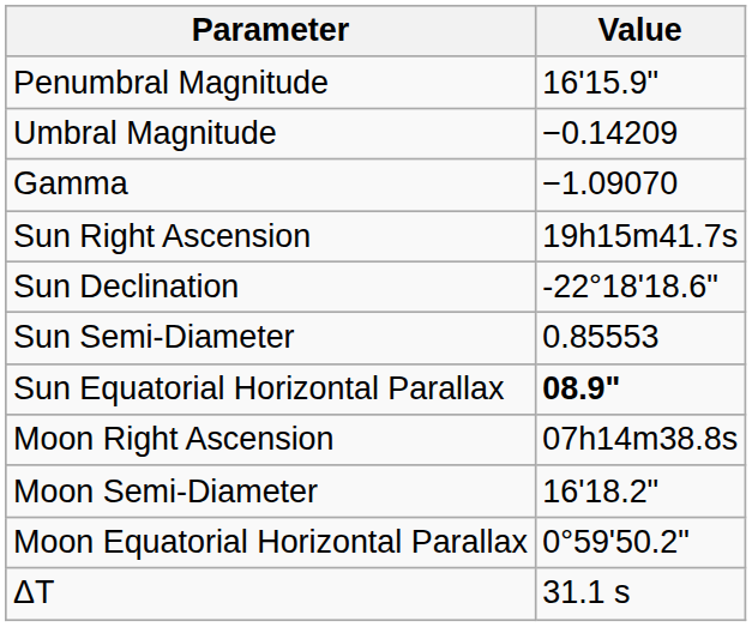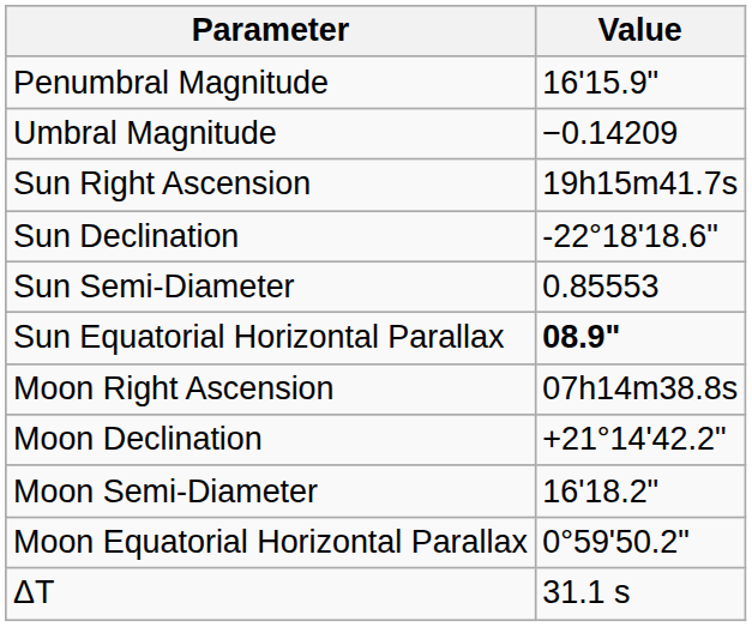 <table class="wikitable">
 <tr>
 <th>Parameter</th>
 <th>Value</th>
 </tr>
 <tr>
 <td>Penumbral Magnitude</td>
 <td>16'15.9"</td>
 </tr>
 <tr>
 <td>Umbral Magnitude</td>
 <td>−0.14209</td>
-</tr>
-<tr>
-<td>Gamma</td>
-<td>−1.09070</td>
 </tr>
 <tr>
 <td>Sun Right Ascension</td>
 <td>19h15m41.7s</td>
 </tr>
 <tr>
 <td>Sun Declination</td>
 <td>-22°18'18.6"</td>
 </tr>
 <tr>
 <td>Sun Semi-Diameter</td>
 <td>0.85553</td>
 </tr>
 <tr>
 <td>Sun Equatorial Horizontal Parallax</td>
 <td><strong>08.9"</strong></td>
 </tr>
 <tr>
 <td>Moon Right Ascension</td>
 <td>07h14m38.8s</td>
 </tr>
 <tr>
+<td>Moon Declination</td>
+<td>+21°14'42.2"</td>
+</tr>
+<tr>
 <td>Moon Semi-Diameter</td>
 <td>16'18.2"</td>
 </tr>
 <tr>
 <td>Moon Equatorial Horizontal Parallax</td>
 <td>0°59'50.2"</td>
 </tr>
 <tr>
 <td>ΔT</td>
 <td>31.1 s</td>
 </tr>
 </table>
